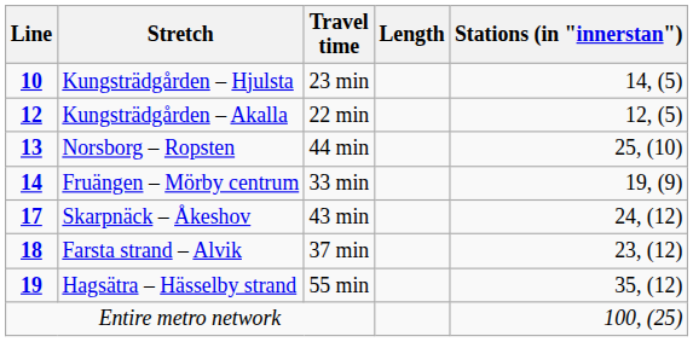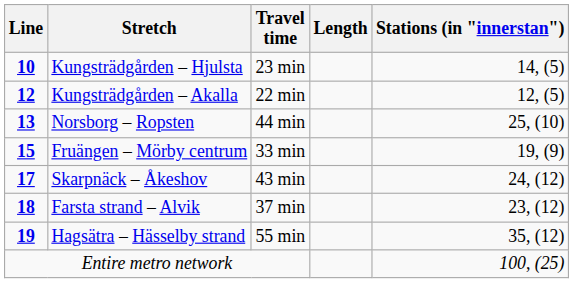 <table class="wikitable">
 <tr>
 <th align="center">Line</th>
 <th align="left">Stretch</th>
 <th align="right">Travel<br>time</th>
 <th align="right">Length</th>
 <th align="right">Stations (in "<a href='#'>innerstan</a>")</th>
 </tr>
 <tr>
 <td align="center" style="color: white; background-color: #"><strong><a href='#'><span>10</span></a></strong></td>
 <td align="left"><a href='#'>Kungsträdgården</a> – <a href='#'>Hjulsta</a></td>
 <td align="right">23 min</td>
 <td align="right"></td>
 <td align="right">14, (5)</td>
 </tr>
 <tr>
 <td align="center" style="color: white; background-color: #"><strong><a href='#'><span>12</span></a></strong></td>
 <td align="left"><a href='#'>Kungsträdgården</a> – <a href='#'>Akalla</a></td>
 <td align="right">22 min</td>
 <td align="right"></td>
 <td align="right">12, (5)</td>
 </tr>
 <tr>
 <td align="center" style="color: white; background-color: #"><strong><a href='#'><span>13</span></a></strong></td>
 <td align="left"><a href='#'>Norsborg</a> – <a href='#'>Ropsten</a></td>
 <td align="right">44 min</td>
 <td align="right"></td>
 <td align="right">25, (10)</td>
 </tr>
 <tr>
-<td align="center" style="color: white; background-color: #"><strong><a href='#'><span>14</span></a></strong></td>
+<td align="center" style="color: white; background-color: #"><strong><a href='#'><span>15</span></a></strong></td>
 <td align="left"><a href='#'>Fruängen</a> – <a href='#'>Mörby centrum</a></td>
 <td align="right">33 min</td>
 <td align="right"></td>
 <td align="right">19, (9)</td>
 </tr>
 <tr>
 <td align="center" style="color: white; background-color: #"><strong><a href='#'><span>17</span></a></strong></td>
 <td align="left"><a href='#'>Skarpnäck</a> – <a href='#'>Åkeshov</a></td>
 <td align="right">43 min</td>
 <td align="right"></td>
 <td align="right">24, (12)</td>
 </tr>
 <tr>
 <td align="center" style="color: white; background-color: #"><strong><a href='#'><span>18</span></a></strong></td>
 <td align="left"><a href='#'>Farsta strand</a> – <a href='#'>Alvik</a></td>
 <td align="right">37 min</td>
 <td align="right"></td>
 <td align="right">23, (12)</td>
 </tr>
 <tr>
 <td align="center" style="color: white; background-color: #"><strong><a href='#'><span>19</span></a></strong></td>
 <td align="left"><a href='#'>Hagsätra</a> – <a href='#'>Hässelby strand</a></td>
 <td align="right">55 min</td>
 <td align="right"></td>
 <td align="right">35, (12)</td>
 </tr>
 <tr>
 <td align="center" colspan="3" align="left"><em>Entire metro network</em></td>
 <td align="right"><em></em></td>
 <td align="right"><em>100</em>,  <em>(25)</em></td>
 </tr>
 </table>
